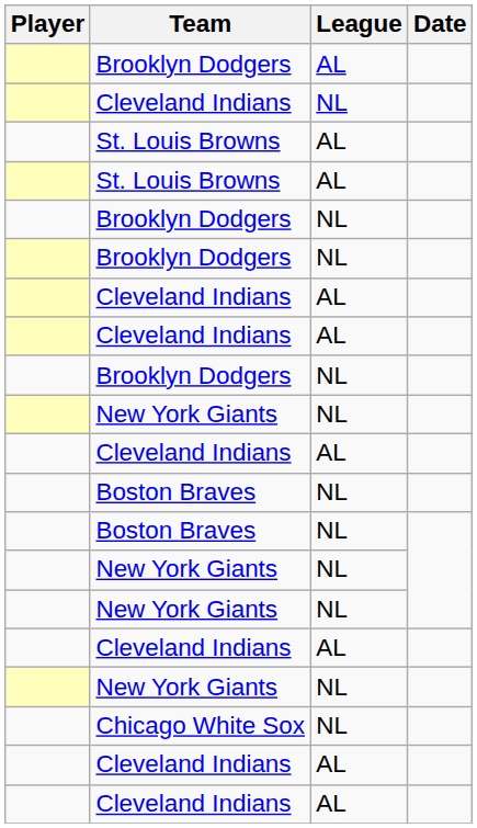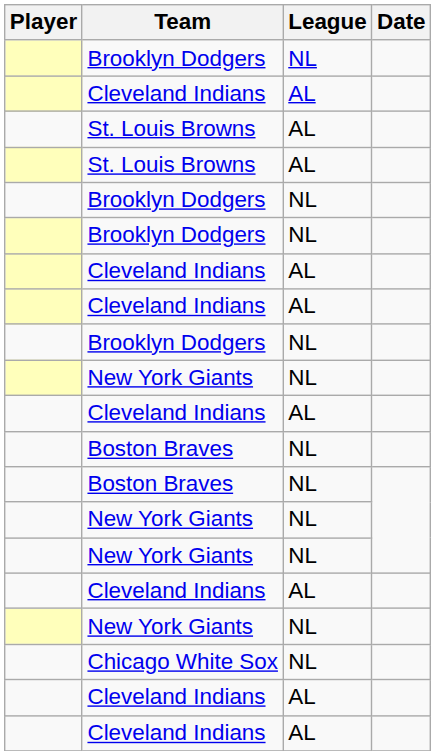 <table class="wikitable sortable">
 <tr>
 <th>Player</th>
 <th>Team</th>
 <th>League</th>
 <th>Date</th>
 </tr>
 <tr>
 <td style="background-color: #ffffbb"> </td>
 <td><a href='#'>Brooklyn Dodgers</a></td>
-<td><a href='#'>AL</a></td>
+<td><a href='#'>NL</a></td>
 <td></td>
 </tr>
 <tr>
 <td style="background-color: #ffffbb"> </td>
 <td><a href='#'>Cleveland Indians</a></td>
-<td><a href='#'>NL</a></td>
+<td><a href='#'>AL</a></td>
 <td></td>
 </tr>
 <tr>
 <td></td>
 <td><a href='#'>St. Louis Browns</a></td>
 <td>AL</td>
 <td></td>
 </tr>
 <tr>
 <td style="background-color: #ffffbb">  </td>
 <td><a href='#'>St. Louis Browns</a></td>
 <td>AL</td>
 <td></td>
 </tr>
 <tr>
 <td></td>
 <td><a href='#'>Brooklyn Dodgers</a></td>
 <td>NL</td>
 <td></td>
 </tr>
 <tr>
 <td style="background-color: #ffffbb"> </td>
 <td><a href='#'>Brooklyn Dodgers</a></td>
 <td>NL</td>
 <td></td>
 </tr>
 <tr>
 <td style="background-color: #ffffbb"> </td>
 <td><a href='#'>Cleveland Indians</a></td>
 <td>AL</td>
 <td></td>
 </tr>
 <tr>
 <td style="background-color: #ffffbb"> </td>
 <td><a href='#'>Cleveland Indians</a></td>
 <td>AL</td>
 <td></td>
 </tr>
 <tr>
 <td></td>
 <td><a href='#'>Brooklyn Dodgers</a></td>
 <td>NL</td>
 <td></td>
 </tr>
 <tr>
 <td style="background-color: #ffffbb"> </td>
 <td><a href='#'>New York Giants</a></td>
 <td>NL</td>
 <td></td>
 </tr>
 <tr>
 <td></td>
 <td><a href='#'>Cleveland Indians</a></td>
 <td>AL</td>
 <td></td>
 </tr>
 <tr>
 <td></td>
 <td><a href='#'>Boston Braves</a></td>
 <td>NL</td>
 <td></td>
 </tr>
 <tr>
 <td></td>
 <td><a href='#'>Boston Braves</a></td>
 <td>NL</td>
 <td rowspan=3></td>
 </tr>
 <tr>
 <td></td>
 <td><a href='#'>New York Giants</a></td>
 <td>NL</td>
 </tr>
 <tr>
 <td></td>
 <td><a href='#'>New York Giants</a></td>
 <td>NL</td>
 </tr>
 <tr>
 <td></td>
 <td><a href='#'>Cleveland Indians</a></td>
 <td>AL</td>
 <td></td>
 </tr>
 <tr>
 <td style="background-color: #ffffbb"> </td>
 <td><a href='#'>New York Giants</a></td>
 <td>NL</td>
 <td></td>
 </tr>
 <tr>
 <td></td>
 <td><a href='#'>Chicago White Sox</a></td>
 <td>NL</td>
 <td></td>
 </tr>
 <tr>
 <td></td>
 <td><a href='#'>Cleveland Indians</a></td>
 <td>AL</td>
 <td></td>
 </tr>
 <tr>
 <td></td>
 <td><a href='#'>Cleveland Indians</a></td>
 <td>AL</td>
 <td></td>
 </tr>
 </table>
